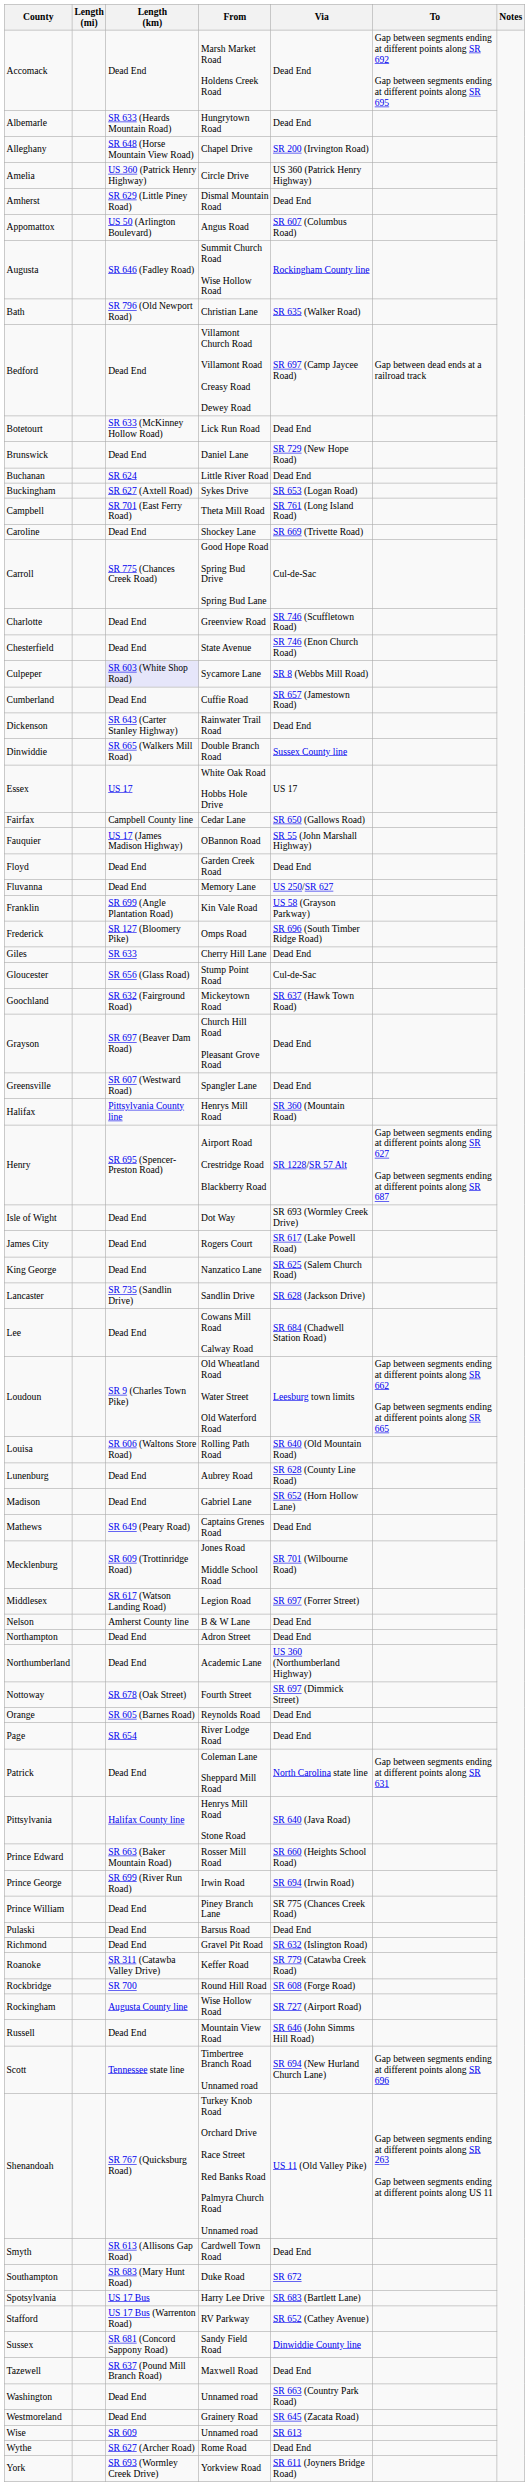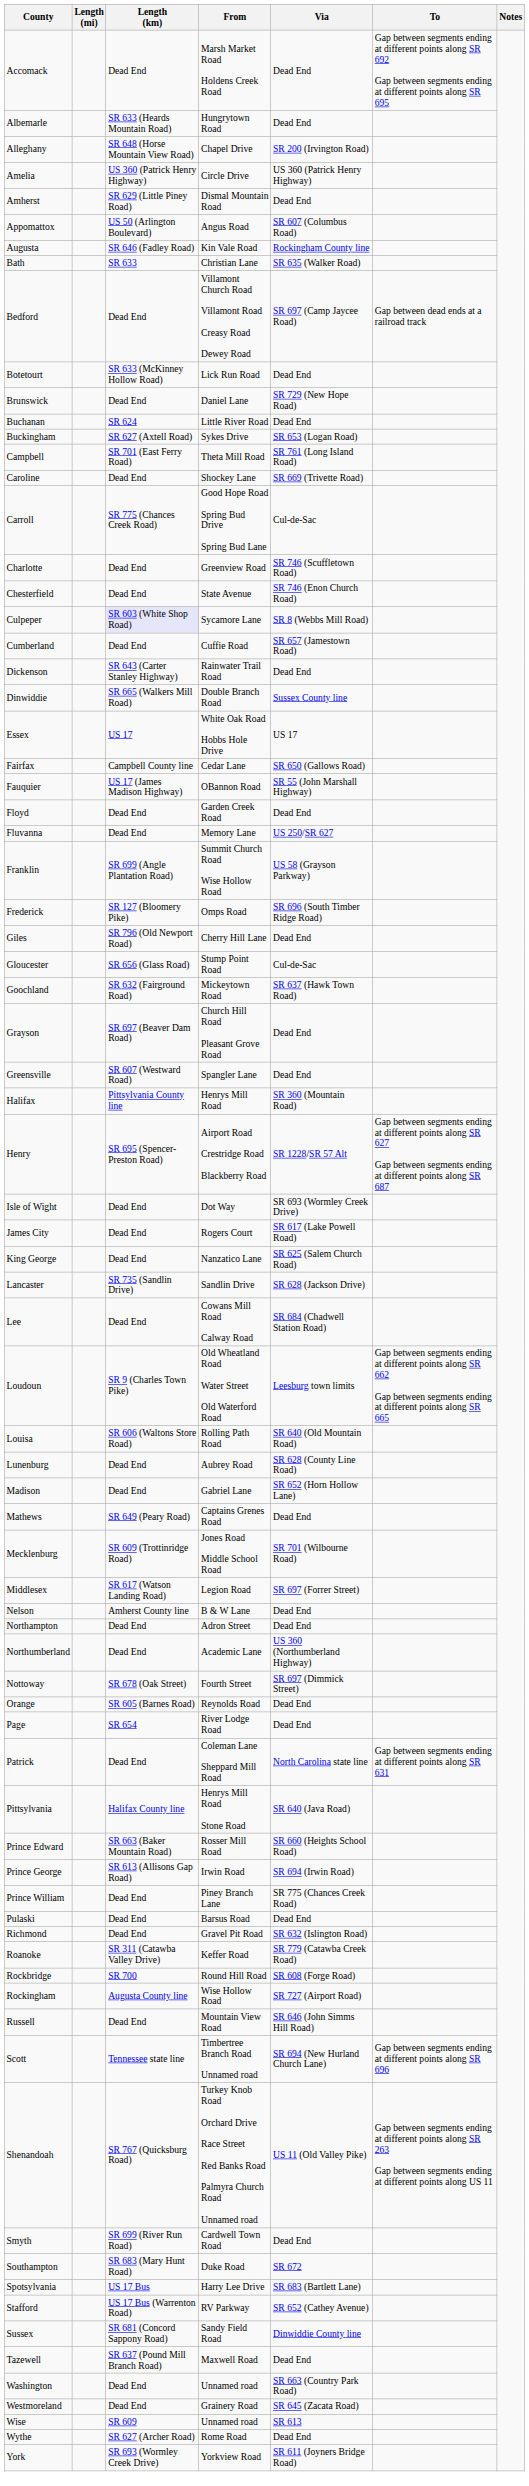 <table class="wikitable sortable">
 <tr>
 <th>County</th>
 <th>Length<br>(mi)</th>
 <th>Length<br>(km)</th>
 <th class="unsortable">From</th>
 <th class="unsortable">Via</th>
 <th class="unsortable">To</th>
 <th class="unsortable">Notes</th>
 </tr>
 <tr>
 <td id="Accomack">Accomack</td>
 <td></td>
 <td>Dead End</td>
 <td>Marsh Market Road<br><br>Holdens Creek Road</td>
 <td>Dead End</td>
 <td>Gap between segments ending at different points along <a href='#'>SR 692</a><br><br>Gap between segments ending at different points along <a href='#'>SR 695</a></td>
 </tr>
 <tr>
 <td id="Albemarle">Albemarle</td>
 <td></td>
 <td><a href='#'>SR 633</a> (Heards Mountain Road)</td>
 <td>Hungrytown Road</td>
 <td>Dead End</td>
 <td></td>
 </tr>
 <tr>
 <td id="Alleghany">Alleghany</td>
 <td></td>
 <td><a href='#'>SR 648</a> (Horse Mountain View Road)</td>
 <td>Chapel Drive</td>
 <td><a href='#'>SR 200</a> (Irvington Road)</td>
 <td></td>
 </tr>
 <tr>
 <td id="Amelia">Amelia</td>
 <td></td>
 <td><a href='#'>US 360</a> (Patrick Henry Highway)</td>
 <td>Circle Drive</td>
 <td>US 360 (Patrick Henry Highway)</td>
 <td></td>
 </tr>
 <tr>
 <td id="Amherst">Amherst</td>
 <td></td>
 <td><a href='#'>SR 629</a> (Little Piney Road)</td>
 <td>Dismal Mountain Road</td>
 <td>Dead End</td>
 <td></td>
 </tr>
 <tr>
 <td id="Appomattox">Appomattox</td>
 <td></td>
 <td><a href='#'>US 50</a> (Arlington Boulevard)</td>
 <td>Angus Road</td>
 <td><a href='#'>SR 607</a> (Columbus Road)</td>
 <td><br></td>
 </tr>
 <tr>
 <td id="Augusta">Augusta</td>
 <td></td>
 <td><a href='#'>SR 646</a> (Fadley Road)</td>
-<td>Summit Church Road<br><br>Wise Hollow Road</td>
+<td>Kin Vale Road</td>
 <td><a href='#'>Rockingham County line</a></td>
 <td></td>
 </tr>
 <tr>
 <td id="Bath">Bath</td>
 <td></td>
-<td><a href='#'>SR 796</a> (Old Newport Road)</td>
+<td><a href='#'>SR 633</a></td>
 <td>Christian Lane</td>
 <td><a href='#'>SR 635</a> (Walker Road)</td>
 <td></td>
 </tr>
 <tr>
 <td id="Bedford">Bedford</td>
 <td></td>
 <td>Dead End</td>
 <td>Villamont Church Road<br><br>Villamont Road<br><br>Creasy Road<br><br>Dewey Road</td>
 <td><a href='#'>SR 697</a> (Camp Jaycee Road)</td>
 <td>Gap between dead ends at a railroad track<br></td>
 </tr>
 <tr>
 <td id="Botetourt">Botetourt</td>
 <td></td>
 <td><a href='#'>SR 633</a> (McKinney Hollow Road)</td>
 <td>Lick Run Road</td>
 <td>Dead End</td>
 <td></td>
 </tr>
 <tr>
 <td id="Brunswick">Brunswick</td>
 <td></td>
 <td>Dead End</td>
 <td>Daniel Lane</td>
 <td><a href='#'>SR 729</a> (New Hope Road)</td>
 <td></td>
 </tr>
 <tr>
 <td id="Buchanan">Buchanan</td>
 <td></td>
 <td><a href='#'>SR 624</a></td>
 <td>Little River Road</td>
 <td>Dead End</td>
 <td></td>
 </tr>
 <tr>
 <td id="Buckingham">Buckingham</td>
 <td></td>
 <td><a href='#'>SR 627</a> (Axtell Road)</td>
 <td>Sykes Drive</td>
 <td><a href='#'>SR 653</a> (Logan Road)</td>
 <td></td>
 </tr>
 <tr>
 <td id="Campbell">Campbell</td>
 <td></td>
 <td><a href='#'>SR 701</a> (East Ferry Road)</td>
 <td>Theta Mill Road</td>
 <td><a href='#'>SR 761</a> (Long Island Road)</td>
 <td></td>
 </tr>
 <tr>
 <td id="Caroline">Caroline</td>
 <td></td>
 <td>Dead End</td>
 <td>Shockey Lane</td>
 <td><a href='#'>SR 669</a> (Trivette Road)</td>
 <td></td>
 </tr>
 <tr>
 <td id="Carroll">Carroll</td>
 <td></td>
 <td><a href='#'>SR 775</a> (Chances Creek Road)</td>
 <td>Good Hope Road<br><br>Spring Bud Drive<br><br>Spring Bud Lane</td>
 <td>Cul-de-Sac</td>
 <td><br></td>
 </tr>
 <tr>
 <td id="Charlotte">Charlotte</td>
 <td></td>
 <td>Dead End</td>
 <td>Greenview Road</td>
 <td><a href='#'>SR 746</a> (Scuffletown Road)</td>
 <td></td>
 </tr>
 <tr>
 <td id="Chesterfield">Chesterfield</td>
 <td></td>
 <td>Dead End</td>
 <td>State Avenue</td>
 <td><a href='#'>SR 746</a> (Enon Church Road)</td>
 <td><br> </td>
 </tr>
 <tr>
 <td id="Culpeper">Culpeper</td>
 <td></td>
 <td style="background: lavender;"><a href='#'>SR 603</a> (White Shop Road)</td>
 <td>Sycamore Lane</td>
 <td><a href='#'>SR 8</a> (Webbs Mill Road)</td>
 <td></td>
 </tr>
 <tr>
 <td id="Cumberland">Cumberland</td>
 <td></td>
 <td>Dead End</td>
 <td>Cuffie Road</td>
 <td><a href='#'>SR 657</a> (Jamestown Road)</td>
 <td></td>
 </tr>
 <tr>
 <td id="Dickenson">Dickenson</td>
 <td></td>
 <td><a href='#'>SR 643</a> (Carter Stanley Highway)</td>
 <td>Rainwater Trail Road</td>
 <td>Dead End</td>
 <td></td>
 </tr>
 <tr>
 <td id="Dinwiddie">Dinwiddie</td>
 <td></td>
 <td><a href='#'>SR 665</a> (Walkers Mill Road)</td>
 <td>Double Branch Road</td>
 <td><a href='#'>Sussex County line</a></td>
 <td></td>
 </tr>
 <tr>
 <td id="Essex">Essex</td>
 <td></td>
 <td><a href='#'>US 17</a></td>
 <td>White Oak Road<br><br>Hobbs Hole Drive</td>
 <td>US 17</td>
 <td></td>
 </tr>
 <tr>
 <td id="Fairfax">Fairfax</td>
 <td></td>
 <td>Campbell County line</td>
 <td>Cedar Lane</td>
 <td><a href='#'>SR 650</a> (Gallows Road)</td>
 <td></td>
 </tr>
 <tr>
 <td id="Fauquier">Fauquier</td>
 <td></td>
 <td><a href='#'>US 17</a> (James Madison Highway)</td>
 <td>OBannon Road</td>
 <td><a href='#'>SR 55</a> (John Marshall Highway)</td>
 <td></td>
 </tr>
 <tr>
 <td id="Floyd">Floyd</td>
 <td></td>
 <td>Dead End</td>
 <td>Garden Creek Road</td>
 <td>Dead End</td>
 <td></td>
 </tr>
 <tr>
 <td id="Fluvanna">Fluvanna</td>
 <td></td>
 <td>Dead End</td>
 <td>Memory Lane</td>
 <td><a href='#'>US 250</a>/<a href='#'>SR 627</a></td>
 <td></td>
 </tr>
 <tr>
 <td id="Franklin">Franklin</td>
 <td></td>
 <td><a href='#'>SR 699</a> (Angle Plantation Road)</td>
-<td>Kin Vale Road</td>
+<td>Summit Church Road<br><br>Wise Hollow Road</td>
 <td><a href='#'>US 58</a> (Grayson Parkway)</td>
 <td></td>
 </tr>
 <tr>
 <td id="Frederick">Frederick</td>
 <td></td>
 <td><a href='#'>SR 127</a> (Bloomery Pike)</td>
 <td>Omps Road</td>
 <td><a href='#'>SR 696</a> (South Timber Ridge Road)</td>
 <td></td>
 </tr>
 <tr>
 <td id="Giles">Giles</td>
 <td></td>
-<td><a href='#'>SR 633</a></td>
+<td><a href='#'>SR 796</a> (Old Newport Road)</td>
 <td>Cherry Hill Lane</td>
 <td>Dead End</td>
 <td></td>
 </tr>
 <tr>
 <td id="Gloucester">Gloucester</td>
 <td></td>
 <td><a href='#'>SR 656</a> (Glass Road)</td>
 <td>Stump Point Road</td>
 <td>Cul-de-Sac</td>
 <td></td>
 </tr>
 <tr>
 <td id="Goochland">Goochland</td>
 <td></td>
 <td><a href='#'>SR 632</a> (Fairground Road)</td>
 <td>Mickeytown Road</td>
 <td><a href='#'>SR 637</a> (Hawk Town Road)</td>
 <td></td>
 </tr>
 <tr>
 <td id="Grayson">Grayson</td>
 <td></td>
 <td><a href='#'>SR 697</a> (Beaver Dam Road)</td>
 <td>Church Hill Road<br><br>Pleasant Grove Road</td>
 <td>Dead End</td>
 <td><br></td>
 </tr>
 <tr>
 <td id="Greensville">Greensville</td>
 <td></td>
 <td><a href='#'>SR 607</a> (Westward Road)</td>
 <td>Spangler Lane</td>
 <td>Dead End</td>
 <td></td>
 </tr>
 <tr>
 <td id="Halifax">Halifax</td>
 <td></td>
 <td><a href='#'>Pittsylvania County line</a></td>
 <td>Henrys Mill Road</td>
 <td><a href='#'>SR 360</a> (Mountain Road)</td>
 <td><br> </td>
 </tr>
 <tr>
 <td id="Henry">Henry</td>
 <td></td>
 <td><a href='#'>SR 695</a> (Spencer-Preston Road)</td>
 <td>Airport Road<br><br>Crestridge Road<br><br>Blackberry Road</td>
 <td><a href='#'>SR 1228</a>/<a href='#'>SR 57 Alt</a></td>
 <td>Gap between segments ending at different points along <a href='#'>SR 627</a><br><br>Gap between segments ending at different points along <a href='#'>SR 687</a><br></td>
 </tr>
 <tr>
 <td id="Isle of Wight">Isle of Wight</td>
 <td></td>
 <td>Dead End</td>
 <td>Dot Way</td>
 <td>SR 693 (Wormley Creek Drive)</td>
 <td></td>
 </tr>
 <tr>
 <td id="James City">James City</td>
 <td></td>
 <td>Dead End</td>
 <td>Rogers Court</td>
 <td><a href='#'>SR 617</a> (Lake Powell Road)</td>
 <td><br></td>
 </tr>
 <tr>
 <td id="King George">King George</td>
 <td></td>
 <td>Dead End</td>
 <td>Nanzatico Lane</td>
 <td><a href='#'>SR 625</a> (Salem Church Road)</td>
 <td><br></td>
 </tr>
 <tr>
 <td id="Lancaster">Lancaster</td>
 <td></td>
 <td><a href='#'>SR 735</a> (Sandlin Drive)</td>
 <td>Sandlin Drive</td>
 <td><a href='#'>SR 628</a> (Jackson Drive)</td>
 <td></td>
 </tr>
 <tr>
 <td id="Lee">Lee</td>
 <td></td>
 <td>Dead End</td>
 <td>Cowans Mill Road<br><br>Calway Road</td>
 <td><a href='#'>SR 684</a> (Chadwell Station Road)</td>
 <td></td>
 </tr>
 <tr>
 <td id="Loudoun">Loudoun</td>
 <td></td>
 <td><a href='#'>SR 9</a> (Charles Town Pike)</td>
 <td>Old Wheatland Road<br><br>Water Street<br><br>Old Waterford Road</td>
 <td><a href='#'>Leesburg</a> town limits</td>
 <td>Gap between segments ending at different points along <a href='#'>SR 662</a><br><br>Gap between segments ending at different points along <a href='#'>SR 665</a></td>
 </tr>
 <tr>
 <td id="Louisa">Louisa</td>
 <td></td>
 <td><a href='#'>SR 606</a> (Waltons Store Road)</td>
 <td>Rolling Path Road</td>
 <td><a href='#'>SR 640</a> (Old Mountain Road)</td>
 <td></td>
 </tr>
 <tr>
 <td id="Lunenburg">Lunenburg</td>
 <td></td>
 <td>Dead End</td>
 <td>Aubrey Road</td>
 <td><a href='#'>SR 628</a> (County Line Road)</td>
 <td></td>
 </tr>
 <tr>
 <td id="Madison">Madison</td>
 <td></td>
 <td>Dead End</td>
 <td>Gabriel Lane</td>
 <td><a href='#'>SR 652</a> (Horn Hollow Lane)</td>
 <td></td>
 </tr>
 <tr>
 <td id="Mathews">Mathews</td>
 <td></td>
 <td><a href='#'>SR 649</a> (Peary Road)</td>
 <td>Captains Grenes Road</td>
 <td>Dead End</td>
 <td></td>
 </tr>
 <tr>
 <td id="Mecklenburg">Mecklenburg</td>
 <td></td>
 <td><a href='#'>SR 609</a> (Trottinridge Road)</td>
 <td>Jones Road<br><br>Middle School Road</td>
 <td><a href='#'>SR 701</a> (Wilbourne Road)</td>
 <td></td>
 </tr>
 <tr>
 <td id="Middlesex">Middlesex</td>
 <td></td>
 <td><a href='#'>SR 617</a> (Watson Landing Road)</td>
 <td>Legion Road</td>
 <td><a href='#'>SR 697</a> (Forrer Street)</td>
 <td><br></td>
 </tr>
 <tr>
 <td id="Nelson">Nelson</td>
 <td></td>
 <td>Amherst County line</td>
 <td>B & W Lane</td>
 <td>Dead End</td>
 <td><br></td>
 </tr>
 <tr>
 <td id="Northampton">Northampton</td>
 <td></td>
 <td>Dead End</td>
 <td>Adron Street</td>
 <td>Dead End</td>
 <td></td>
 </tr>
 <tr>
 <td id="Northumberland">Northumberland</td>
 <td></td>
 <td>Dead End</td>
 <td>Academic Lane</td>
 <td><a href='#'>US 360</a> (Northumberland Highway)</td>
 <td></td>
 </tr>
 <tr>
 <td id="Nottoway">Nottoway</td>
 <td></td>
 <td><a href='#'>SR 678</a> (Oak Street)</td>
 <td>Fourth Street</td>
 <td><a href='#'>SR 697</a> (Dimmick Street)</td>
 <td></td>
 </tr>
 <tr>
 <td id="Orange">Orange</td>
 <td></td>
 <td><a href='#'>SR 605</a> (Barnes Road)</td>
 <td>Reynolds Road</td>
 <td>Dead End</td>
 <td></td>
 </tr>
 <tr>
 <td id="Page">Page</td>
 <td></td>
 <td><a href='#'>SR 654</a></td>
 <td>River Lodge Road</td>
 <td>Dead End</td>
 <td></td>
 </tr>
 <tr>
 <td id="Patrick">Patrick</td>
 <td></td>
 <td>Dead End</td>
 <td>Coleman Lane<br><br>Sheppard Mill Road</td>
 <td><a href='#'>North Carolina</a> state line</td>
 <td>Gap between segments ending at different points along <a href='#'>SR 631</a></td>
 </tr>
 <tr>
 <td id="Pittsylvania">Pittsylvania</td>
 <td></td>
 <td><a href='#'>Halifax County line</a></td>
 <td>Henrys Mill Road<br><br>Stone Road</td>
 <td><a href='#'>SR 640</a> (Java Road)</td>
 <td><br></td>
 </tr>
 <tr>
 <td id="Prince Edward">Prince Edward</td>
 <td></td>
 <td><a href='#'>SR 663</a> (Baker Mountain Road)</td>
 <td>Rosser Mill Road</td>
 <td><a href='#'>SR 660</a> (Heights School Road)</td>
 <td></td>
 </tr>
 <tr>
 <td id="Prince George">Prince George</td>
 <td></td>
-<td><a href='#'>SR 699</a> (River Run Road)</td>
+<td><a href='#'>SR 613</a> (Allisons Gap Road)</td>
 <td>Irwin Road</td>
 <td><a href='#'>SR 694</a> (Irwin Road)</td>
 <td></td>
 </tr>
 <tr>
 <td id="Prince William">Prince William</td>
 <td></td>
 <td>Dead End</td>
 <td>Piney Branch Lane</td>
 <td>SR 775 (Chances Creek Road)</td>
 <td></td>
 </tr>
 <tr>
 <td id="Pulaski">Pulaski</td>
 <td></td>
 <td>Dead End</td>
 <td>Barsus Road</td>
 <td>Dead End</td>
 <td><br></td>
 </tr>
 <tr>
 <td id="Richmond">Richmond</td>
 <td></td>
 <td>Dead End</td>
 <td>Gravel Pit Road</td>
 <td><a href='#'>SR 632</a> (Islington Road)</td>
 <td></td>
 </tr>
 <tr>
 <td id="Roanoke">Roanoke</td>
 <td></td>
 <td><a href='#'>SR 311</a> (Catawba Valley Drive)</td>
 <td>Keffer Road</td>
 <td><a href='#'>SR 779</a> (Catawba Creek Road)</td>
 <td></td>
 </tr>
 <tr>
 <td id="Rockbridge">Rockbridge</td>
 <td></td>
 <td><a href='#'>SR 700</a></td>
 <td>Round Hill Road</td>
 <td><a href='#'>SR 608</a> (Forge Road)</td>
 <td></td>
 </tr>
 <tr>
 <td id="Rockingham">Rockingham</td>
 <td></td>
 <td><a href='#'>Augusta County line</a></td>
 <td>Wise Hollow Road</td>
 <td><a href='#'>SR 727</a> (Airport Road)</td>
 <td></td>
 </tr>
 <tr>
 <td id="Russell">Russell</td>
 <td></td>
 <td>Dead End</td>
 <td>Mountain View Road</td>
 <td><a href='#'>SR 646</a> (John Simms Hill Road)</td>
 <td></td>
 </tr>
 <tr>
 <td id="Scott">Scott</td>
 <td></td>
 <td><a href='#'>Tennessee</a> state line</td>
 <td>Timbertree Branch Road<br><br>Unnamed road</td>
 <td><a href='#'>SR 694</a> (New Hurland Church Lane)</td>
 <td>Gap between segments ending at different points along <a href='#'>SR 696</a></td>
 </tr>
 <tr>
 <td id="Shenandoah">Shenandoah</td>
 <td></td>
 <td><a href='#'>SR 767</a> (Quicksburg Road)</td>
 <td>Turkey Knob Road<br><br>Orchard Drive<br><br>Race Street<br><br>Red Banks Road<br><br>Palmyra Church Road<br><br>Unnamed road</td>
 <td><a href='#'>US 11</a> (Old Valley Pike)</td>
 <td>Gap between segments ending at different points along <a href='#'>SR 263</a><br><br>Gap between segments ending at different points along US 11</td>
 </tr>
 <tr>
 <td id="Smyth">Smyth</td>
 <td></td>
-<td><a href='#'>SR 613</a> (Allisons Gap Road)</td>
+<td><a href='#'>SR 699</a> (River Run Road)</td>
 <td>Cardwell Town Road</td>
 <td>Dead End</td>
 <td></td>
 </tr>
 <tr>
 <td id="Southampton">Southampton</td>
 <td></td>
 <td><a href='#'>SR 683</a> (Mary Hunt Road)</td>
 <td>Duke Road</td>
 <td><a href='#'>SR 672</a></td>
 <td></td>
 </tr>
 <tr>
 <td id="Spotsylvania">Spotsylvania</td>
 <td></td>
 <td><a href='#'>US 17 Bus</a></td>
 <td>Harry Lee Drive</td>
 <td><a href='#'>SR 683</a> (Bartlett Lane)</td>
 <td></td>
 </tr>
 <tr>
 <td id="Stafford">Stafford</td>
 <td></td>
 <td><a href='#'>US 17 Bus</a> (Warrenton Road)</td>
 <td>RV Parkway</td>
 <td><a href='#'>SR 652</a> (Cathey Avenue)</td>
 <td><br></td>
 </tr>
 <tr>
 <td id="Sussex">Sussex</td>
 <td></td>
 <td><a href='#'>SR 681</a> (Concord Sappony Road)</td>
 <td>Sandy Field Road</td>
 <td><a href='#'>Dinwiddie County line</a></td>
 <td></td>
 </tr>
 <tr>
 <td id="Tazewell">Tazewell</td>
 <td></td>
 <td><a href='#'>SR 637</a> (Pound Mill Branch Road)</td>
 <td>Maxwell Road</td>
 <td>Dead End</td>
 <td><br></td>
 </tr>
 <tr>
 <td id="Washington">Washington</td>
 <td></td>
 <td>Dead End</td>
 <td>Unnamed road</td>
 <td><a href='#'>SR 663</a> (Country Park Road)</td>
 <td></td>
 </tr>
 <tr>
 <td id="Westmoreland">Westmoreland</td>
 <td></td>
 <td>Dead End</td>
 <td>Grainery Road</td>
 <td><a href='#'>SR 645</a> (Zacata Road)</td>
 <td></td>
 </tr>
 <tr>
 <td id="Wise">Wise</td>
 <td></td>
 <td><a href='#'>SR 609</a></td>
 <td>Unnamed road</td>
 <td><a href='#'>SR 613</a></td>
 <td></td>
 </tr>
 <tr>
 <td id="Wythe">Wythe</td>
 <td></td>
 <td><a href='#'>SR 627</a> (Archer Road)</td>
 <td>Rome Road</td>
 <td>Dead End</td>
 <td></td>
 </tr>
 <tr>
 <td id="York">York</td>
 <td></td>
 <td><a href='#'>SR 693</a> (Wormley Creek Drive)</td>
 <td>Yorkview Road</td>
 <td><a href='#'>SR 611</a> (Joyners Bridge Road)</td>
 <td></td>
 </tr>
 </table>
